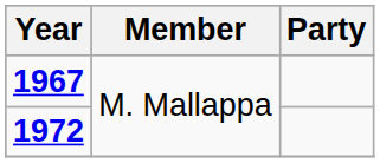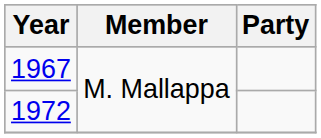 <table class="wikitable sortable">
 <tr>
 <th>Year</th>
 <th>Member</th>
 <th colspan="2">Party</th>
 </tr>
 <tr>
-<td><strong><a href='#'>1967</a></strong></td>
+<td><a href='#'>1967</a></td>
 <td rowspan=2>M. Mallappa</td>
 <td></td>
 </tr>
 <tr>
-<td><strong><a href='#'>1972</a></strong></td>
+<td><a href='#'>1972</a></td>
 <td></td>
 </tr>
 <tr>
 </tr>
 </table>
